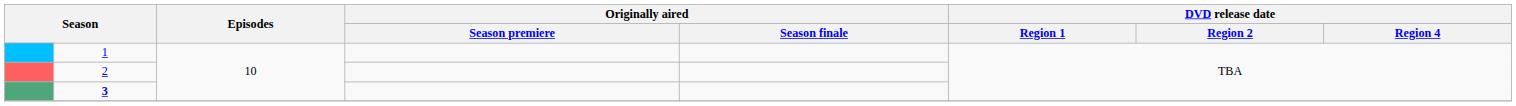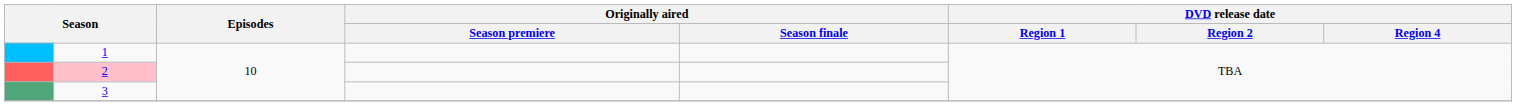 <table class="wikitable plainrowheaders" border="2" width="100%" style="text-align:center;">
 <tr>
 <th colspan="2" rowspan="2">Season</th>
 <th rowspan="2">Episodes</th>
 <th colspan="2">Originally aired</th>
 <th colspan="3"><a href='#'>DVD</a> release date</th>
 </tr>
 <tr>
 <th><a href='#'>Season premiere</a></th>
 <th><a href='#'>Season finale</a></th>
 <th><a href='#'>Region 1</a></th>
 <th><a href='#'>Region 2</a></th>
 <th><a href='#'>Region 4</a></th>
 </tr>
 <tr>
 <td style="background: #00bfff;"></td>
 <td><a href='#'>1</a></td>
 <td rowspan="3">10</td>
 <td></td>
 <td></td>
 <td colspan="3" rowspan="3">TBA</td>
 </tr>
 <tr>
 <td style="background: #FF5F5F;"></td>
-<td><a href='#'>2</a></td>
+<td style="background: pink;"><a href='#'>2</a></td>
 <td></td>
 <td></td>
 </tr>
 <tr>
 <td style="background: #4EA67A;"></td>
-<td><strong><a href='#'>3</a></strong></td>
+<td><a href='#'>3</a></td>
 <td></td>
 <td></td>
 </tr>
 <tr>
 </tr>
 </table>
